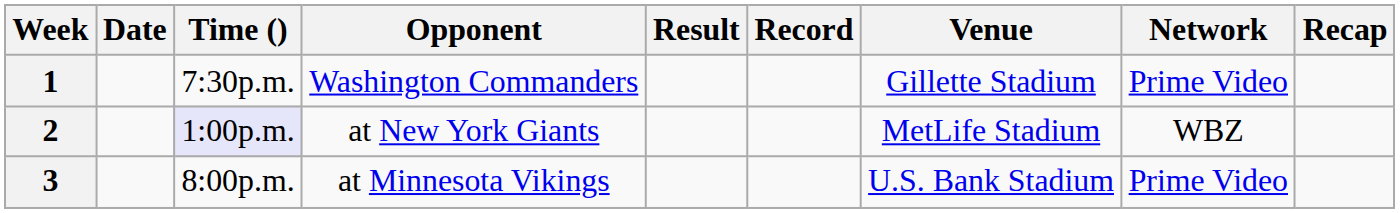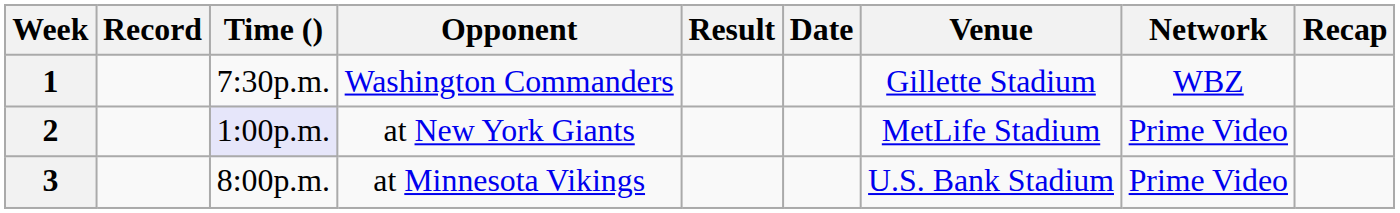 <table class="wikitable" style="text-align:center">
 <tr>
 <th>Week</th>
-<th>Date</th>
+<th>Record</th>
 <th>Time (<a href='#'></a>)</th>
 <th>Opponent</th>
 <th>Result</th>
-<th>Record</th>
+<th>Date</th>
 <th>Venue</th>
 <th>Network</th>
 <th>Recap</th>
 </tr>
 <tr>
 <th>1</th>
 <td></td>
 <td>7:30p.m.</td>
 <td><a href='#'>Washington Commanders</a></td>
 <td></td>
 <td></td>
 <td><a href='#'>Gillette Stadium</a></td>
-<td><a href='#'>Prime Video</a></td>
+<td><a href='#'>WBZ</a></td>
 <td></td>
 </tr>
 <tr>
 <th>2</th>
 <td></td>
 <td style="background: lavender;">1:00p.m.</td>
 <td>at <a href='#'>New York Giants</a></td>
 <td></td>
 <td></td>
 <td><a href='#'>MetLife Stadium</a></td>
-<td>WBZ</td>
+<td><a href='#'>Prime Video</a></td>
 <td></td>
 </tr>
 <tr>
 <th>3</th>
 <td></td>
 <td>8:00p.m.</td>
 <td>at <a href='#'>Minnesota Vikings</a></td>
 <td></td>
 <td></td>
 <td><a href='#'>U.S. Bank Stadium</a></td>
 <td><a href='#'>Prime Video</a></td>
 <td></td>
 </tr>
 </table>
